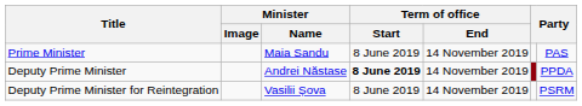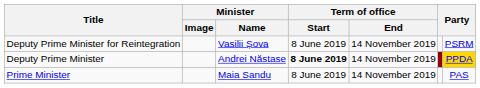 <table class="wikitable sortable" style="text-align:left">
 <tr>
 <th rowspan="2">Title</th>
 <th colspan="2">Minister</th>
 <th colspan="2">Term of office</th>
 <th rowspan="2" colspan="2">Party</th>
 </tr>
 <tr>
 <th class="unsortable">Image</th>
 <th>Name</th>
 <th data-sort-type=date>Start</th>
 <th data-sort-type=date>End</th>
 </tr>
 <tr>
+<td>Deputy Prime Minister for Reintegration</td>
+<td></td>
+<td><a href='#'>Vasilii Șova</a></td>
+<td style="text-align:center">8 June 2019</td>
+<td style="text-align:center">14 November 2019</td>
+<td style="color:inherit;background:"></td>
+<td style="text-align:center"><a href='#'>PSRM</a></td>
+</tr>
+<tr>
+<td>Deputy Prime Minister</td>
+<td></td>
+<td><a href='#'>Andrei Năstase</a></td>
+<td style="text-align:center"><strong>8 June 2019</strong></td>
+<td style="text-align:center">14 November 2019</td>
+<td style="color:inherit;background:#92000A;"></td>
+<td style="background: gold; text-align:center"><a href='#'>PPDA</a></td>
+</tr>
+<tr>
 <td><a href='#'>Prime Minister</a></td>
 <td></td>
 <td><a href='#'>Maia Sandu</a></td>
 <td style="text-align:center">8 June 2019</td>
 <td style="text-align:center">14 November 2019</td>
 <td style="color:inherit;background:"></td>
 <td style="text-align:center"><a href='#'>PAS</a></td>
 </tr>
-<tr>
-<td>Deputy Prime Minister</td>
-<td></td>
-<td><a href='#'>Andrei Năstase</a></td>
-<td style="text-align:center"><strong>8 June 2019</strong></td>
-<td style="text-align:center">14 November 2019</td>
-<td style="color:inherit;background:#92000A;"></td>
-<td style="text-align:center"><a href='#'>PPDA</a></td>
-</tr>
-<tr>
-<td>Deputy Prime Minister for Reintegration</td>
-<td></td>
-<td><a href='#'>Vasilii Șova</a></td>
-<td style="text-align:center">8 June 2019</td>
-<td style="text-align:center">14 November 2019</td>
-<td style="color:inherit;background:"></td>
-<td style="text-align:center"><a href='#'>PSRM</a></td>
-</tr>
 </table>
